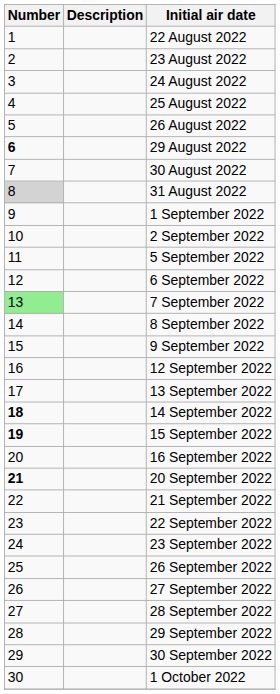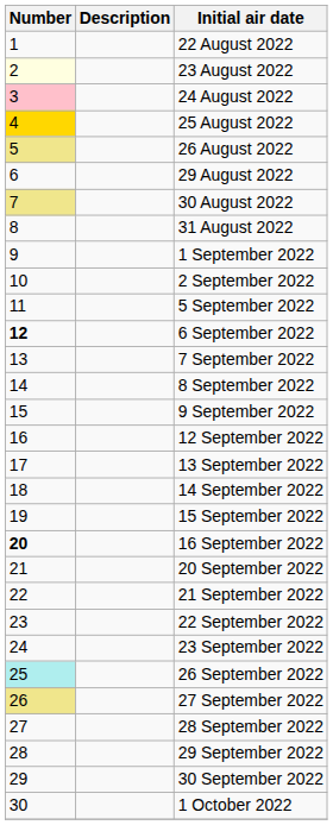 <table class="wikitable">
 <tr>
 <th>Number</th>
 <th>Description</th>
 <th>Initial air date</th>
 </tr>
 <tr>
 <td>1</td>
 <td></td>
 <td>22 August 2022</td>
 </tr>
 <tr>
-<td>2</td>
+<td style="background: lightyellow;">2</td>
 <td></td>
 <td>23 August 2022</td>
 </tr>
 <tr>
-<td>3</td>
+<td style="background: pink;">3</td>
 <td></td>
 <td>24 August 2022</td>
 </tr>
 <tr>
-<td>4</td>
+<td style="background: gold;">4</td>
 <td></td>
 <td>25 August 2022</td>
 </tr>
 <tr>
-<td>5</td>
+<td style="background: khaki;">5</td>
 <td></td>
 <td>26 August 2022</td>
 </tr>
 <tr>
-<td><strong>6</strong></td>
+<td>6</td>
 <td></td>
 <td>29 August 2022</td>
 </tr>
 <tr>
-<td>7</td>
+<td style="background: khaki;">7</td>
 <td></td>
 <td>30 August 2022</td>
 </tr>
 <tr>
-<td style="background: lightgrey;">8</td>
+<td>8</td>
 <td></td>
 <td>31 August 2022</td>
 </tr>
 <tr>
 <td>9</td>
 <td></td>
 <td>1 September 2022</td>
 </tr>
 <tr>
 <td>10</td>
 <td></td>
 <td>2 September 2022</td>
 </tr>
 <tr>
 <td>11</td>
 <td></td>
 <td>5 September 2022</td>
 </tr>
 <tr>
-<td>12</td>
+<td><strong>12</strong></td>
 <td></td>
 <td>6 September 2022</td>
 </tr>
 <tr>
-<td style="background: lightgreen;">13</td>
+<td>13</td>
 <td></td>
 <td>7 September 2022</td>
 </tr>
 <tr>
 <td>14</td>
 <td></td>
 <td>8 September 2022</td>
 </tr>
 <tr>
 <td>15</td>
 <td></td>
 <td>9 September 2022</td>
 </tr>
 <tr>
 <td>16</td>
 <td></td>
 <td>12 September 2022</td>
 </tr>
 <tr>
 <td>17</td>
 <td></td>
 <td>13 September 2022</td>
 </tr>
 <tr>
-<td><strong>18</strong></td>
+<td>18</td>
 <td></td>
 <td>14 September 2022</td>
 </tr>
 <tr>
-<td><strong>19</strong></td>
+<td>19</td>
 <td></td>
 <td>15 September 2022</td>
 </tr>
 <tr>
-<td>20</td>
+<td><strong>20</strong></td>
 <td></td>
 <td>16 September 2022</td>
 </tr>
 <tr>
-<td><strong>21</strong></td>
+<td>21</td>
 <td></td>
 <td>20 September 2022</td>
 </tr>
 <tr>
 <td>22</td>
 <td></td>
 <td>21 September 2022</td>
 </tr>
 <tr>
 <td>23</td>
 <td></td>
 <td>22 September 2022</td>
 </tr>
 <tr>
 <td>24</td>
 <td></td>
 <td>23 September 2022</td>
 </tr>
 <tr>
-<td>25</td>
+<td style="background: paleturquoise;">25</td>
 <td></td>
 <td>26 September 2022</td>
 </tr>
 <tr>
-<td>26</td>
+<td style="background: khaki;">26</td>
 <td></td>
 <td>27 September 2022</td>
 </tr>
 <tr>
 <td>27</td>
 <td></td>
 <td>28 September 2022</td>
 </tr>
 <tr>
 <td>28</td>
 <td></td>
 <td>29 September 2022</td>
 </tr>
 <tr>
 <td>29</td>
 <td></td>
 <td>30 September 2022</td>
 </tr>
 <tr>
 <td>30</td>
 <td></td>
 <td>1 October 2022</td>
 </tr>
 <tr>
 </tr>
 </table>
